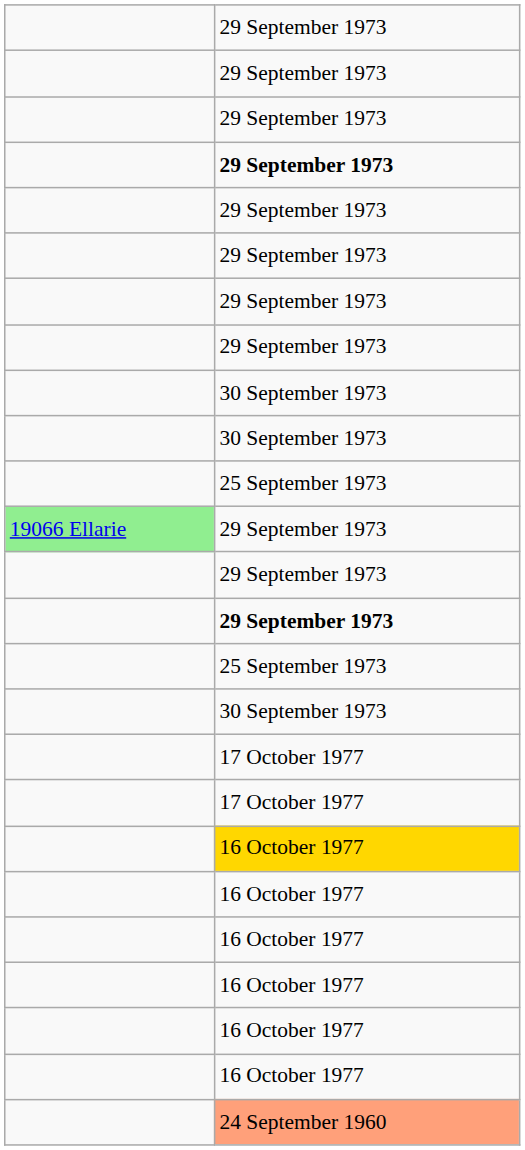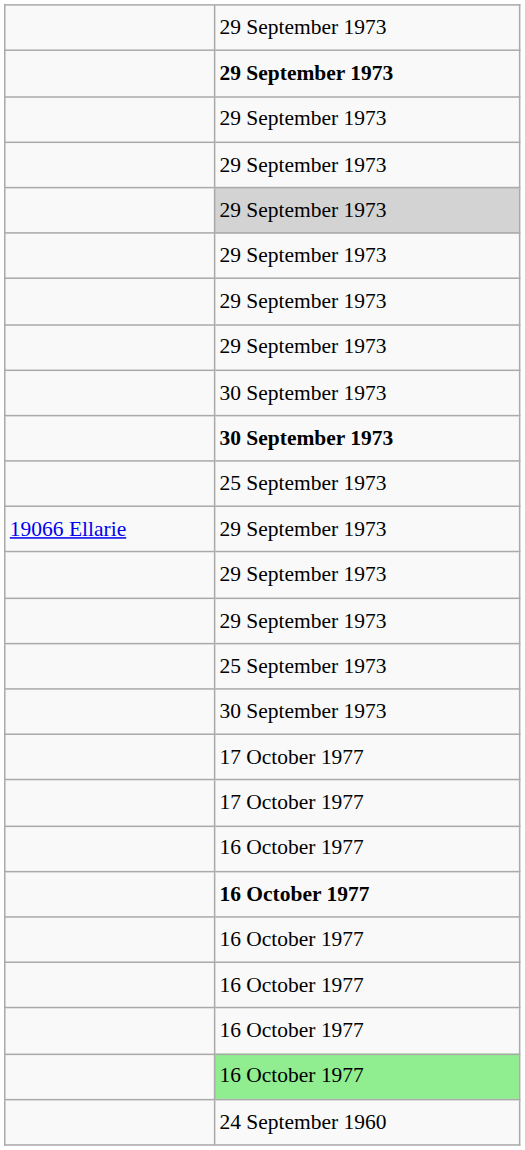 <table class="wikitable" style="font-size: 89%; float: left; width: 24em; margin-right: 1em; line-height: 1.65em">
 <tr>
 <td></td>
 <td>29 September 1973</td>
+</tr>
+<tr>
+<td></td>
+<td><strong>29 September 1973</strong></td>
 </tr>
 <tr>
 <td></td>
 <td>29 September 1973</td>
 </tr>
 <tr>
 <td></td>
 <td>29 September 1973</td>
 </tr>
 <tr>
 <td></td>
-<td><strong>29 September 1973</strong></td>
-</tr>
-<tr>
-<td></td>
-<td>29 September 1973</td>
+<td style="background: lightgrey;">29 September 1973</td>
 </tr>
 <tr>
 <td></td>
 <td>29 September 1973</td>
 </tr>
 <tr>
 <td></td>
 <td>29 September 1973</td>
 </tr>
 <tr>
 <td></td>
 <td>29 September 1973</td>
 </tr>
 <tr>
 <td></td>
 <td>30 September 1973</td>
 </tr>
 <tr>
 <td></td>
-<td>30 September 1973</td>
+<td><strong>30 September 1973</strong></td>
 </tr>
 <tr>
 <td></td>
 <td>25 September 1973</td>
 </tr>
 <tr>
-<td style="background: lightgreen;"><a href='#'>19066 Ellarie</a></td>
+<td><a href='#'>19066 Ellarie</a></td>
 <td>29 September 1973</td>
 </tr>
 <tr>
 <td></td>
 <td>29 September 1973</td>
 </tr>
 <tr>
 <td></td>
-<td><strong>29 September 1973</strong></td>
+<td>29 September 1973</td>
 </tr>
 <tr>
 <td></td>
 <td>25 September 1973</td>
 </tr>
 <tr>
 <td></td>
 <td>30 September 1973</td>
 </tr>
 <tr>
 <td></td>
 <td>17 October 1977</td>
 </tr>
 <tr>
 <td></td>
 <td>17 October 1977</td>
 </tr>
 <tr>
 <td></td>
-<td style="background: gold;">16 October 1977</td>
+<td>16 October 1977</td>
+</tr>
+<tr>
+<td></td>
+<td><strong>16 October 1977</strong></td>
 </tr>
 <tr>
 <td></td>
 <td>16 October 1977</td>
 </tr>
 <tr>
 <td></td>
 <td>16 October 1977</td>
 </tr>
 <tr>
 <td></td>
 <td>16 October 1977</td>
 </tr>
 <tr>
 <td></td>
-<td>16 October 1977</td>
+<td style="background: lightgreen;">16 October 1977</td>
 </tr>
 <tr>
 <td></td>
-<td>16 October 1977</td>
-</tr>
-<tr>
-<td></td>
-<td style="background: lightsalmon;">24 September 1960</td>
+<td>24 September 1960</td>
 </tr>
 </table>
